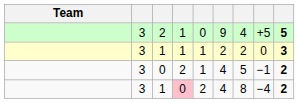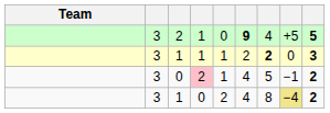 <table class="wikitable" style="text-align:center;">
 <tr>
 <th width=165>Team</th>
 <th width=20></th>
 <th width=20></th>
 <th width=20></th>
 <th width=20></th>
 <th width=20></th>
 <th width=20></th>
 <th width=20></th>
 <th width=20></th>
 </tr>
 <tr bgcolor="#ccffcc">
 <td align="left"></td>
 <td>3</td>
 <td>2</td>
 <td>1</td>
 <td>0</td>
-<td>9</td>
+<td><strong>9</strong></td>
 <td>4</td>
 <td>+5</td>
 <td><strong>5</strong></td>
 </tr>
 <tr bgcolor="#ffffcc">
 <td align="left"></td>
 <td>3</td>
 <td>1</td>
 <td>1</td>
 <td>1</td>
 <td>2</td>
-<td>2</td>
+<td><strong>2</strong></td>
 <td>0</td>
 <td><strong>3</strong></td>
 </tr>
 <tr>
 <td align="left"></td>
 <td>3</td>
 <td>0</td>
-<td>2</td>
+<td style="background: pink;">2</td>
 <td>1</td>
 <td>4</td>
 <td>5</td>
 <td>−1</td>
 <td><strong>2</strong></td>
 </tr>
 <tr>
 <td align="left"></td>
 <td>3</td>
 <td>1</td>
-<td style="background: pink;">0</td>
+<td>0</td>
 <td>2</td>
 <td>4</td>
 <td>8</td>
-<td>−4</td>
+<td style="background: khaki;">−4</td>
 <td><strong>2</strong></td>
 </tr>
 </table>
